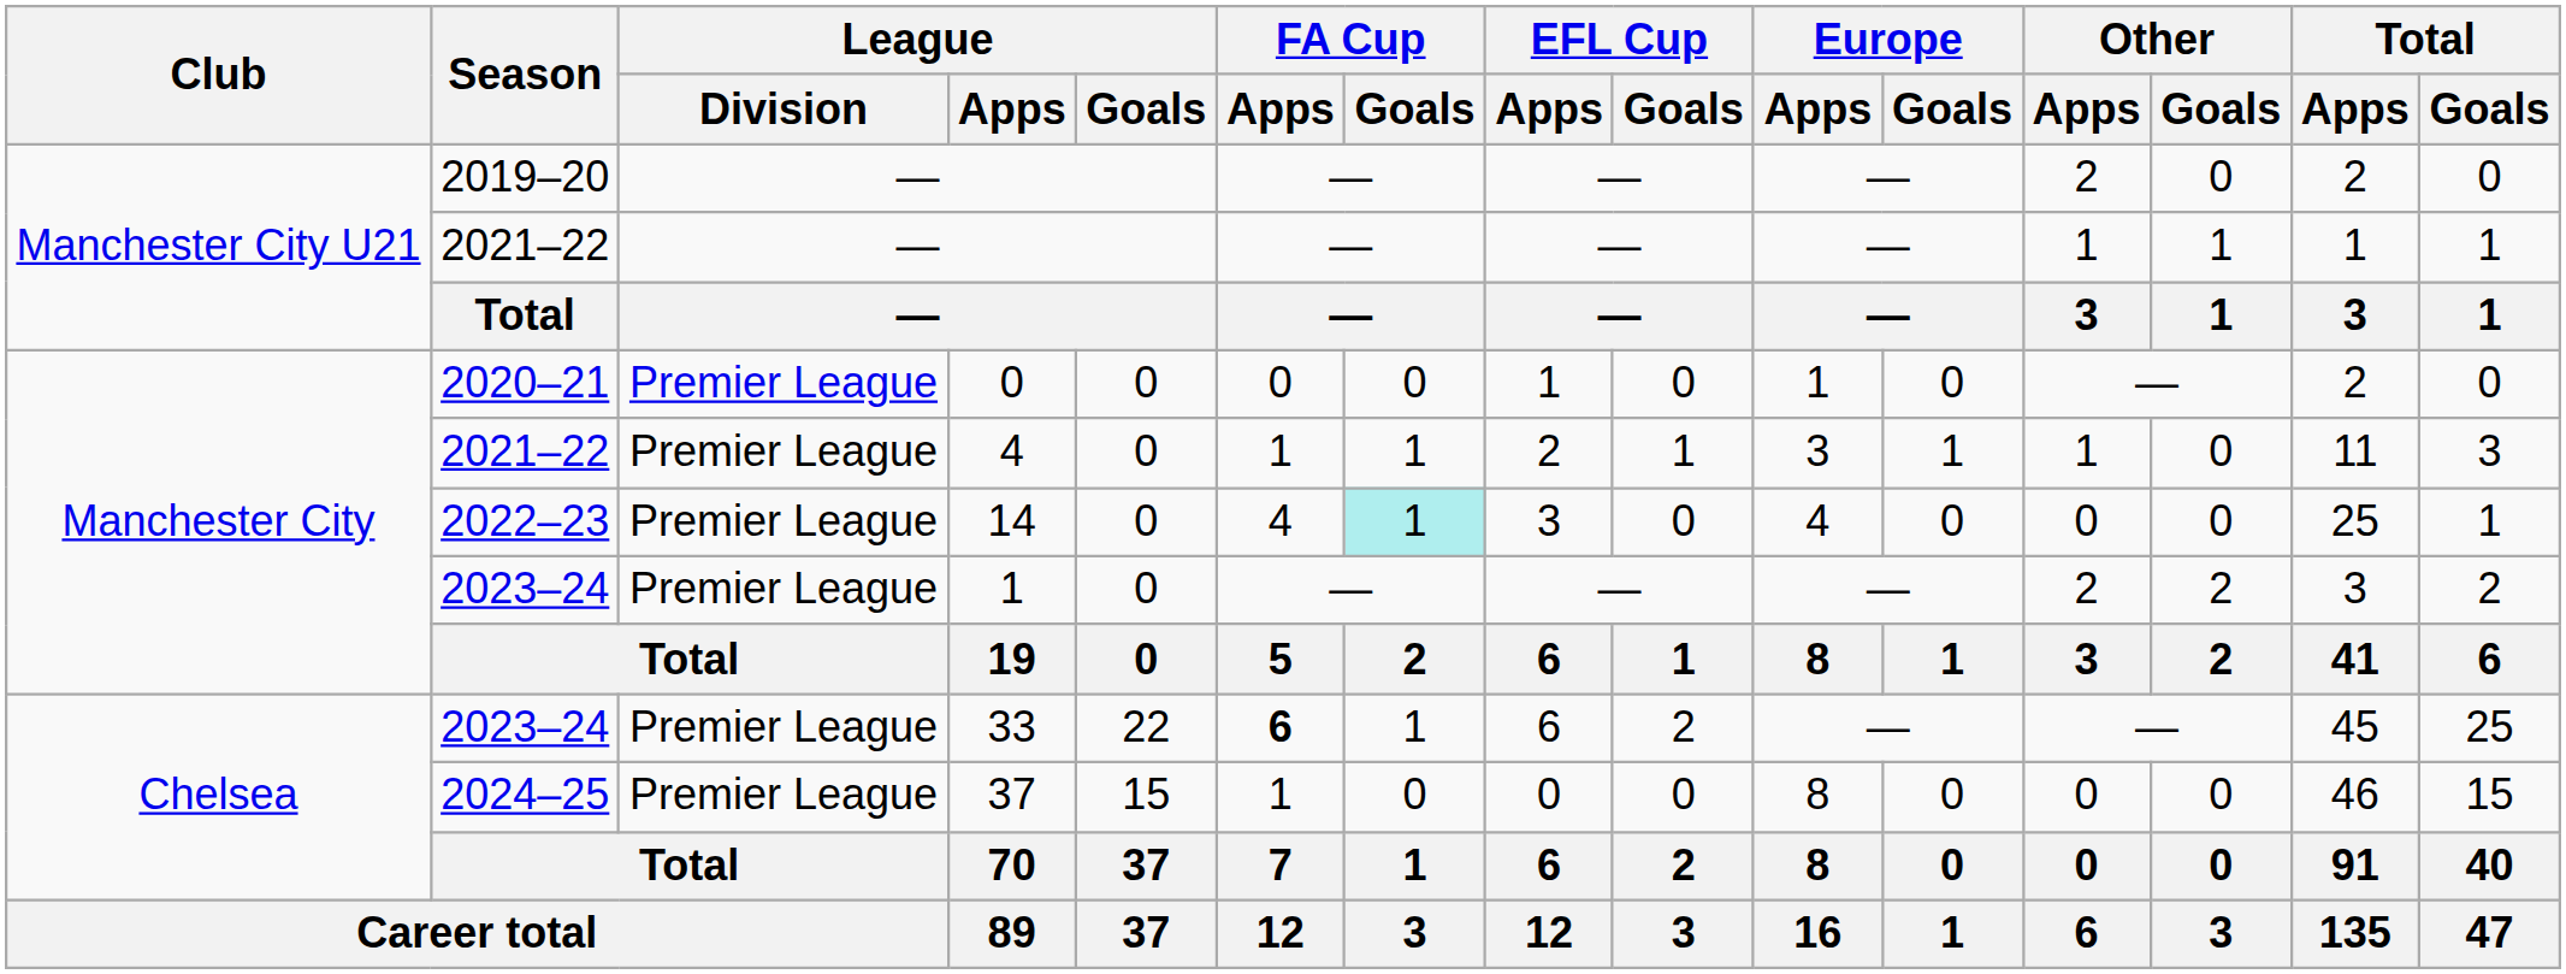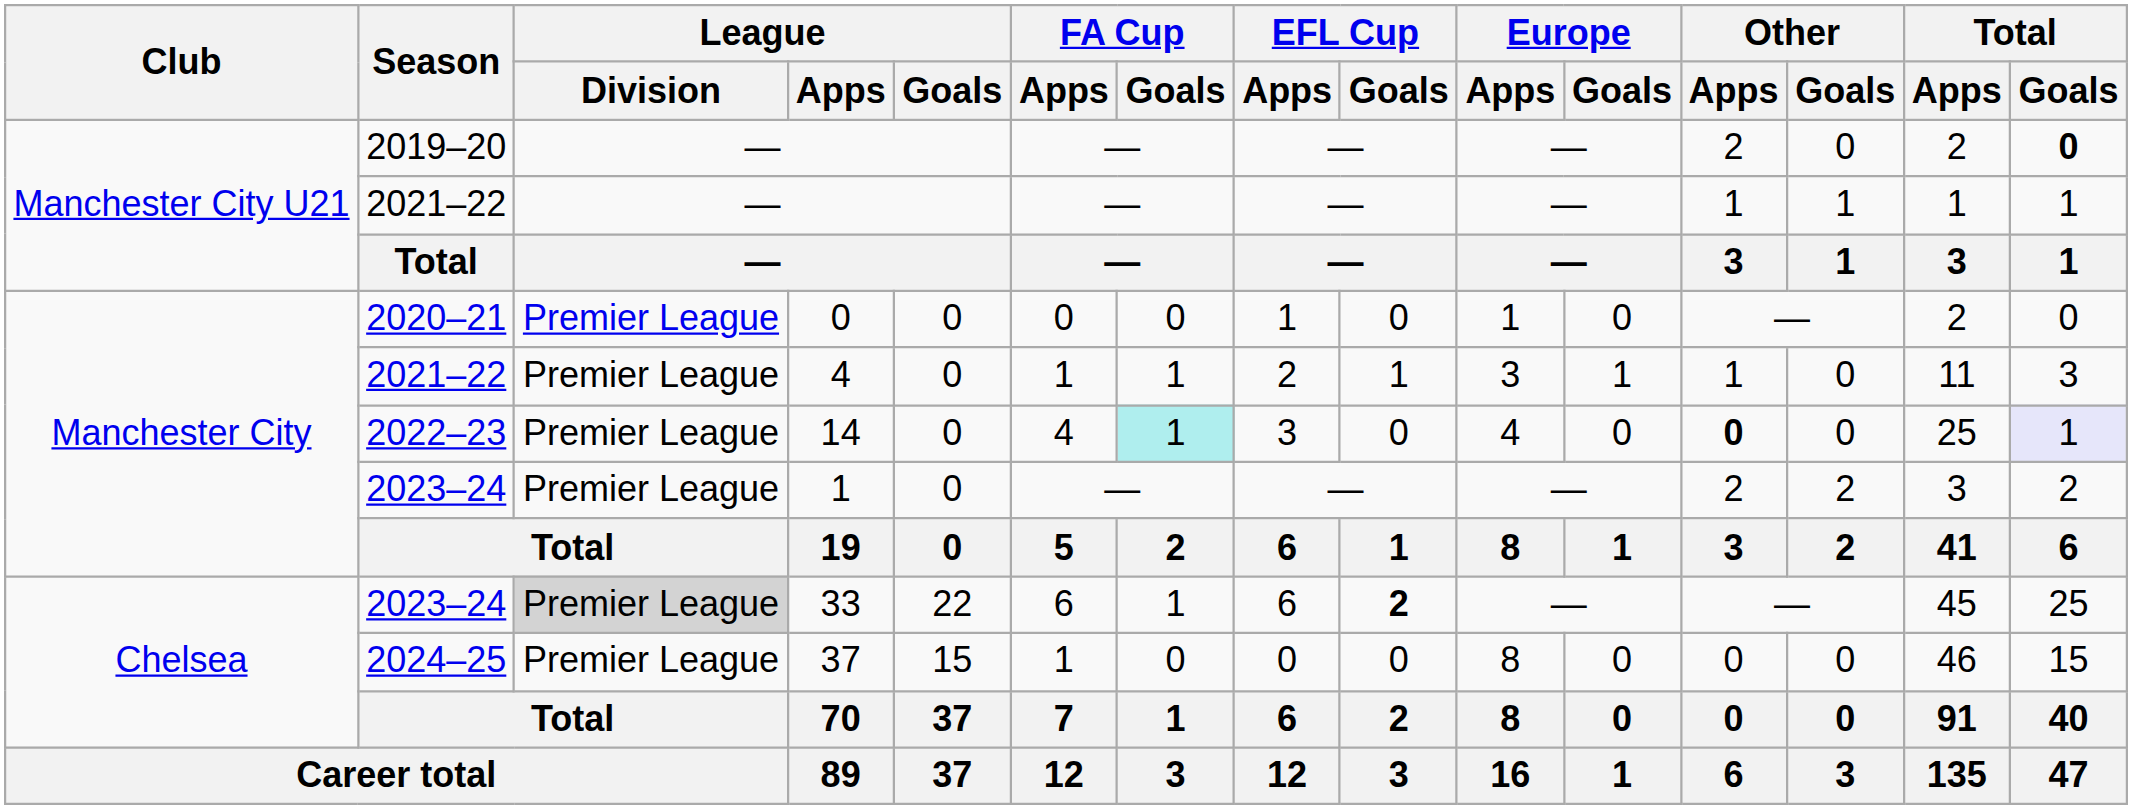 <table class="wikitable" style="text-align: center;">
 <tr>
 <th rowspan="2">Club</th>
 <th rowspan="2">Season</th>
 <th colspan="3">League</th>
 <th colspan="2"><a href='#'>FA Cup</a></th>
 <th colspan="2"><a href='#'>EFL Cup</a></th>
 <th colspan="2"><a href='#'>Europe</a></th>
 <th colspan="2">Other</th>
 <th colspan="2">Total</th>
 </tr>
 <tr>
 <th>Division</th>
 <th>Apps</th>
 <th>Goals</th>
 <th>Apps</th>
 <th>Goals</th>
 <th>Apps</th>
 <th>Goals</th>
 <th>Apps</th>
 <th>Goals</th>
 <th>Apps</th>
 <th>Goals</th>
 <th>Apps</th>
 <th>Goals</th>
 </tr>
 <tr>
 <td rowspan="3"><a href='#'>Manchester City U21</a></td>
 <td>2019–20</td>
 <td colspan="3">—</td>
 <td colspan="2">—</td>
 <td colspan="2">—</td>
 <td colspan="2">—</td>
 <td>2</td>
 <td>0</td>
 <td>2</td>
-<td>0</td>
+<td><strong>0</strong></td>
 </tr>
 <tr>
 <td>2021–22</td>
 <td colspan="3">—</td>
 <td colspan="2">—</td>
 <td colspan="2">—</td>
 <td colspan="2">—</td>
 <td>1</td>
 <td>1</td>
 <td>1</td>
 <td>1</td>
 </tr>
 <tr>
 <th>Total</th>
 <th colspan="3">—</th>
 <th colspan="2">—</th>
 <th colspan="2">—</th>
 <th colspan="2">—</th>
 <th>3</th>
 <th>1</th>
 <th>3</th>
 <th>1</th>
 </tr>
 <tr>
 <td rowspan="5"><a href='#'>Manchester City</a></td>
 <td><a href='#'>2020–21</a></td>
 <td><a href='#'>Premier League</a></td>
 <td>0</td>
 <td>0</td>
 <td>0</td>
 <td>0</td>
 <td>1</td>
 <td>0</td>
 <td>1</td>
 <td>0</td>
 <td colspan="2">—</td>
 <td>2</td>
 <td>0</td>
 </tr>
 <tr>
 <td><a href='#'>2021–22</a></td>
 <td>Premier League</td>
 <td>4</td>
 <td>0</td>
 <td>1</td>
 <td>1</td>
 <td>2</td>
 <td>1</td>
 <td>3</td>
 <td>1</td>
 <td>1</td>
 <td>0</td>
 <td>11</td>
 <td>3</td>
 </tr>
 <tr>
 <td><a href='#'>2022–23</a></td>
 <td>Premier League</td>
 <td>14</td>
 <td>0</td>
 <td>4</td>
 <td style="background: paleturquoise;">1</td>
 <td>3</td>
 <td>0</td>
 <td>4</td>
 <td>0</td>
-<td>0</td>
+<td><strong>0</strong></td>
 <td>0</td>
 <td>25</td>
-<td>1</td>
+<td style="background: lavender;">1</td>
 </tr>
 <tr>
 <td><a href='#'>2023–24</a></td>
 <td>Premier League</td>
 <td>1</td>
 <td>0</td>
 <td colspan="2">—</td>
 <td colspan="2">—</td>
 <td colspan="2">—</td>
 <td>2</td>
 <td>2</td>
 <td>3</td>
 <td>2</td>
 </tr>
 <tr>
 <th colspan="2">Total</th>
 <th>19</th>
 <th>0</th>
 <th>5</th>
 <th>2</th>
 <th>6</th>
 <th>1</th>
 <th>8</th>
 <th>1</th>
 <th>3</th>
 <th>2</th>
 <th>41</th>
 <th>6</th>
 </tr>
 <tr>
 <td rowspan="3"><a href='#'>Chelsea</a></td>
 <td><a href='#'>2023–24</a></td>
-<td>Premier League</td>
+<td style="background: lightgrey;">Premier League</td>
 <td>33</td>
 <td>22</td>
-<td><strong>6</strong></td>
+<td>6</td>
 <td>1</td>
 <td>6</td>
-<td>2</td>
+<td><strong>2</strong></td>
 <td colspan="2">—</td>
 <td colspan="2">—</td>
 <td>45</td>
 <td>25</td>
 </tr>
 <tr>
 <td><a href='#'>2024–25</a></td>
 <td>Premier League</td>
 <td>37</td>
 <td>15</td>
 <td>1</td>
 <td>0</td>
 <td>0</td>
 <td>0</td>
 <td>8</td>
 <td>0</td>
 <td>0</td>
 <td>0</td>
 <td>46</td>
 <td>15</td>
 </tr>
 <tr>
 <th colspan="2">Total</th>
 <th>70</th>
 <th>37</th>
 <th>7</th>
 <th>1</th>
 <th>6</th>
 <th>2</th>
 <th>8</th>
 <th>0</th>
 <th>0</th>
 <th>0</th>
 <th>91</th>
 <th>40</th>
 </tr>
 <tr>
 <th colspan="3">Career total</th>
 <th>89</th>
 <th>37</th>
 <th>12</th>
 <th>3</th>
 <th>12</th>
 <th>3</th>
 <th>16</th>
 <th>1</th>
 <th>6</th>
 <th>3</th>
 <th>135</th>
 <th>47</th>
 </tr>
 </table>
